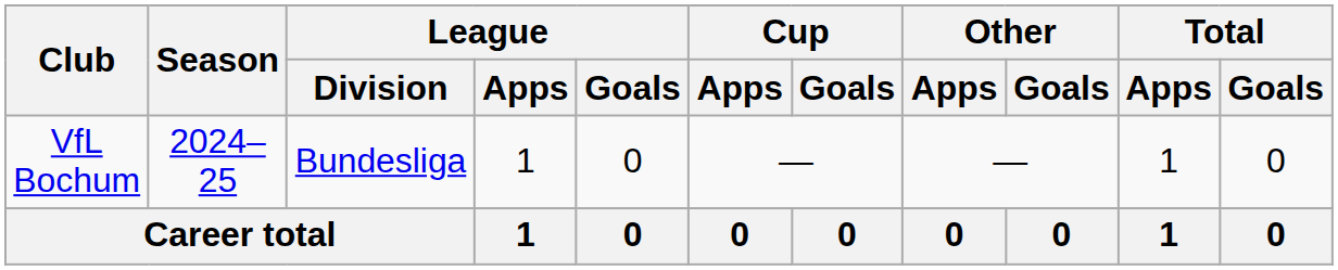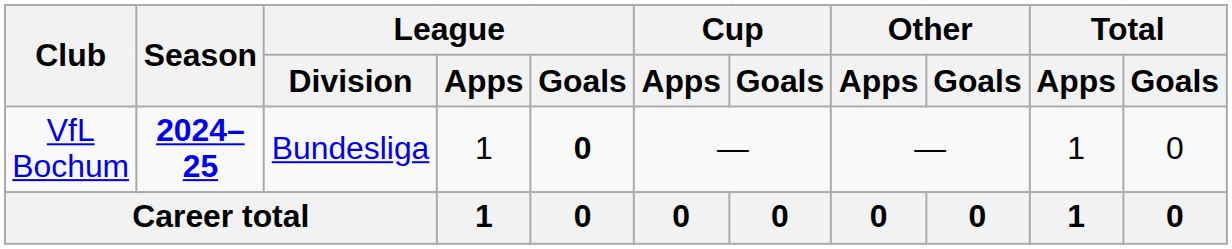 <table class="wikitable" style="text-align:center">
 <tr>
 <th rowspan="2">Club</th>
 <th rowspan="2">Season</th>
 <th colspan="3">League</th>
 <th colspan="2">Cup</th>
 <th colspan="2">Other</th>
 <th colspan="2">Total</th>
 </tr>
 <tr>
 <th>Division</th>
 <th>Apps</th>
 <th>Goals</th>
 <th>Apps</th>
 <th>Goals</th>
 <th>Apps</th>
 <th>Goals</th>
 <th>Apps</th>
 <th>Goals</th>
 </tr>
 <tr>
 <td><a href='#'>VfL Bochum</a></td>
-<td><a href='#'>2024–25</a></td>
+<td><strong><a href='#'>2024–25</a></strong></td>
 <td><a href='#'>Bundesliga</a></td>
 <td>1</td>
-<td>0</td>
+<td><strong>0</strong></td>
 <td colspan="2">—</td>
 <td colspan="2">—</td>
 <td>1</td>
 <td>0</td>
 </tr>
 <tr>
 <th colspan="3">Career total</th>
 <th>1</th>
 <th>0</th>
 <th>0</th>
 <th>0</th>
 <th>0</th>
 <th>0</th>
 <th>1</th>
 <th>0</th>
 </tr>
 </table>
